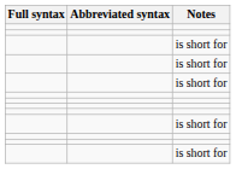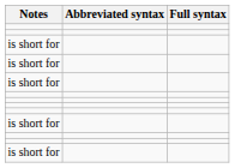 <table class="wikitable">
 <tr>
+<th scope="col">Notes</th>
+<th scope="col">Abbreviated syntax</th>
 <th scope="col">Full syntax</th>
-<th scope="col">Abbreviated syntax</th>
-<th scope="col">Notes</th>
 </tr>
 <tr>
 <td></td>
 <td></td>
 <td></td>
 </tr>
 <tr>
 <td></td>
 <td></td>
 <td></td>
 </tr>
 <tr>
+<td> is short for </td>
+<td align="center"></td>
 <td></td>
-<td align="center"></td>
-<td> is short for </td>
 </tr>
 <tr>
+<td> is short for </td>
 <td></td>
 <td></td>
-<td> is short for </td>
 </tr>
 <tr>
+<td> is short for </td>
+<td align="center"></td>
 <td></td>
-<td align="center"></td>
-<td> is short for </td>
 </tr>
 <tr>
 <td></td>
 <td></td>
 <td></td>
 </tr>
 <tr>
 <td></td>
 <td></td>
 <td></td>
 </tr>
 <tr>
 <td></td>
 <td></td>
 <td></td>
 </tr>
 <tr>
 <td></td>
 <td></td>
 <td></td>
 </tr>
 <tr>
+<td> is short for </td>
+<td align="center"></td>
 <td></td>
-<td align="center"></td>
-<td> is short for </td>
 </tr>
 <tr>
 <td></td>
 <td></td>
 <td></td>
 </tr>
 <tr>
 <td></td>
 <td></td>
 <td></td>
 </tr>
 <tr>
+<td> is short for </td>
+<td align="center"></td>
 <td></td>
-<td align="center"></td>
-<td> is short for </td>
 </tr>
 </table>
